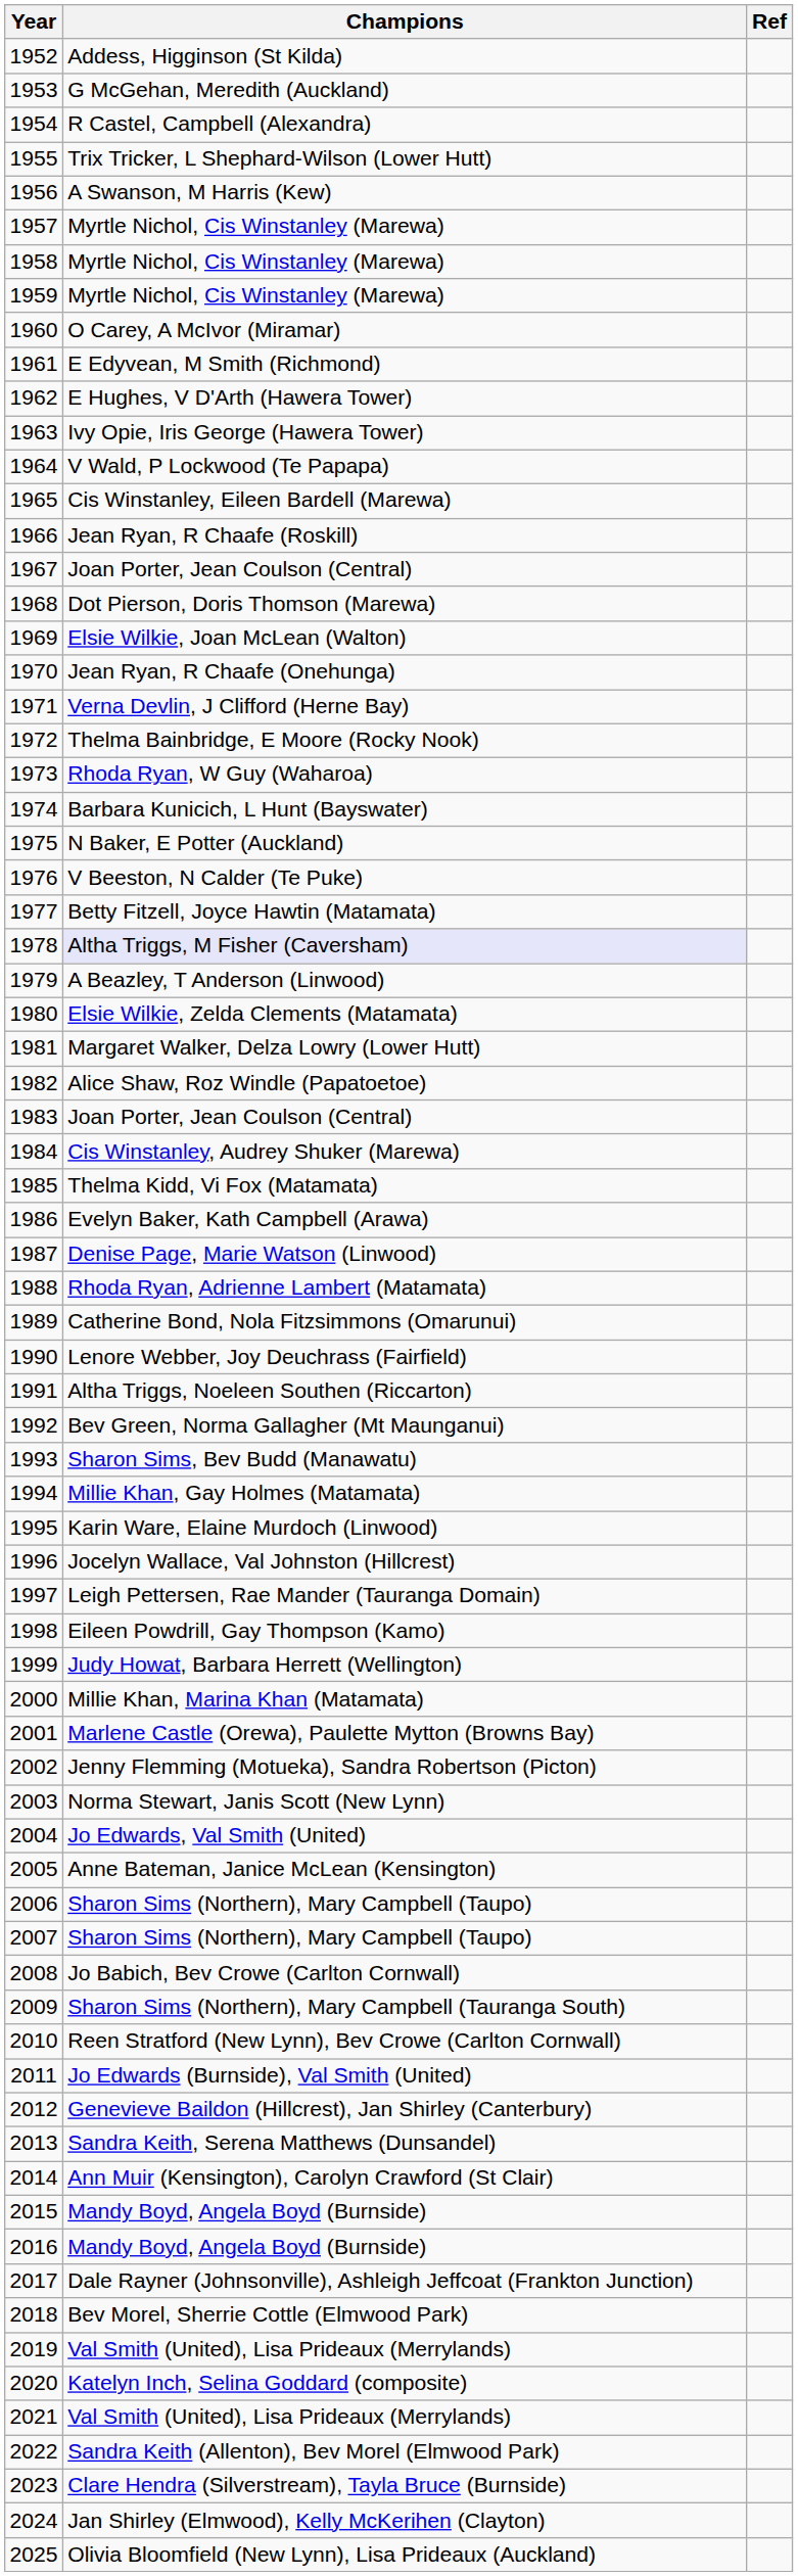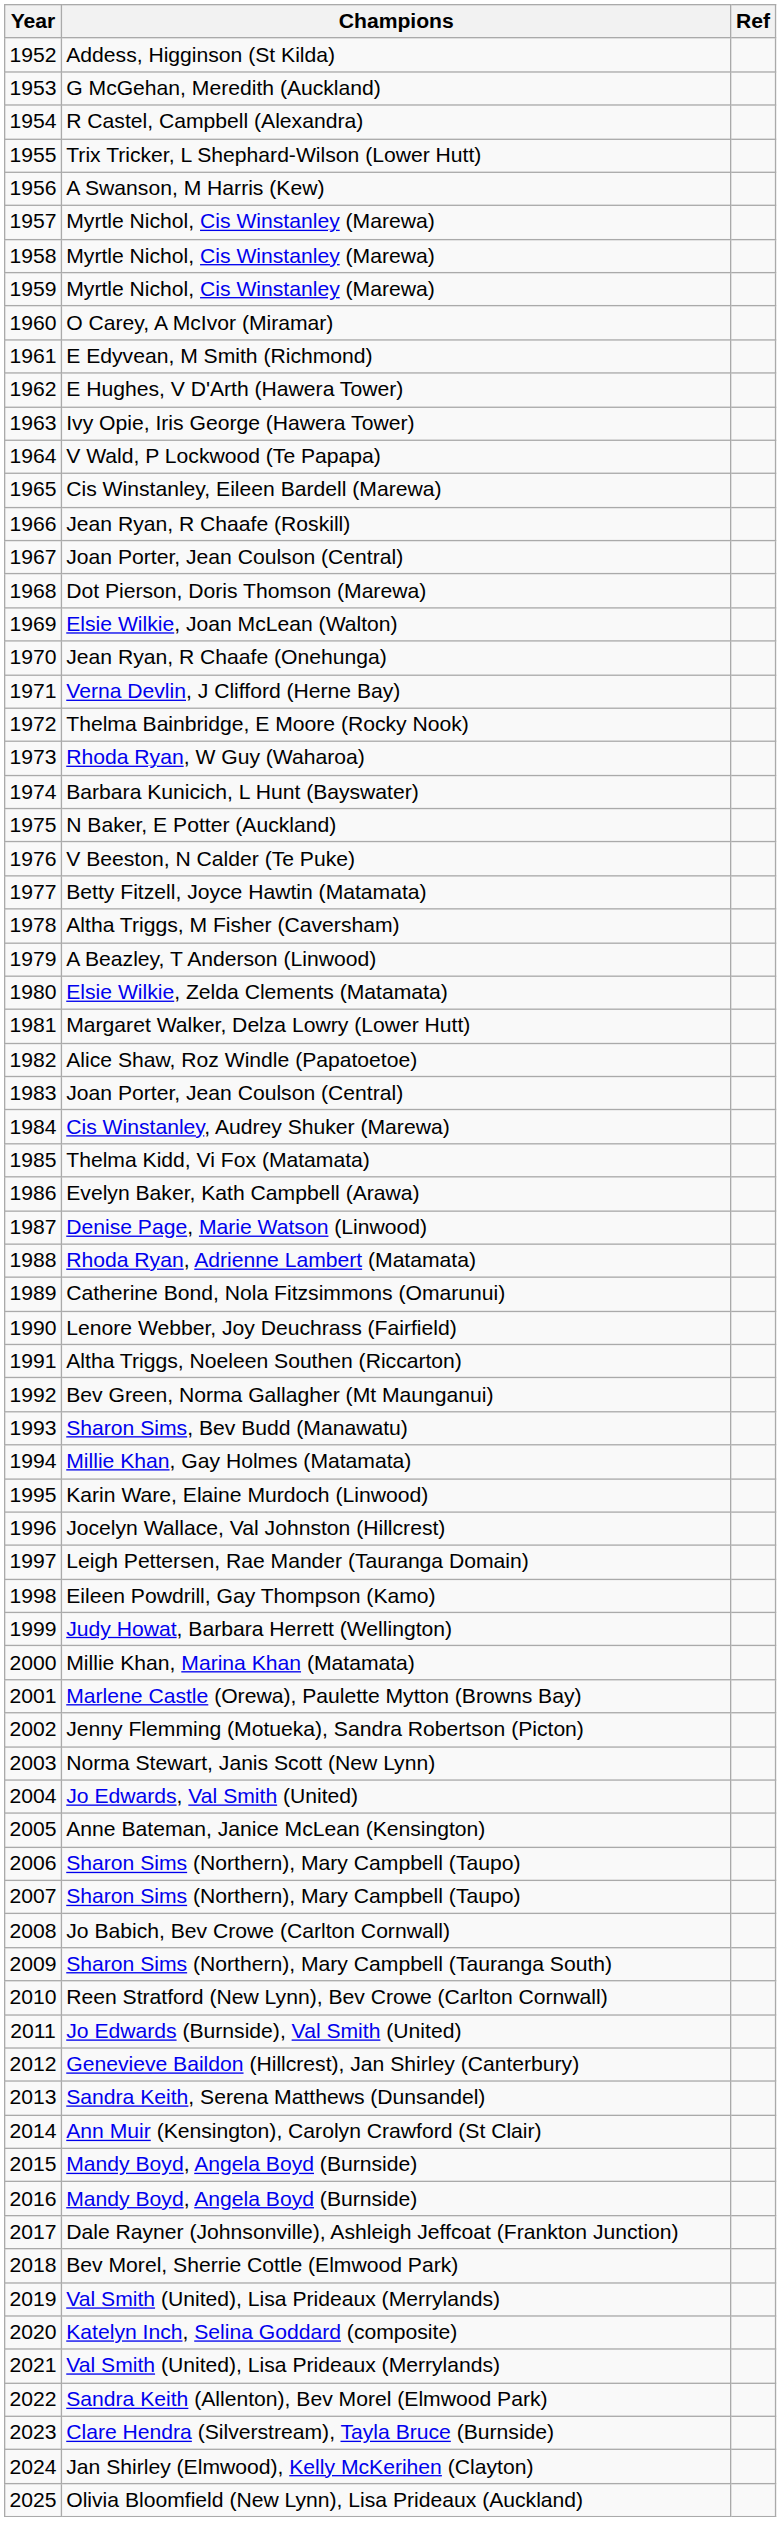 <table class="sortable wikitable">
 <tr>
 <th width="30">Year</th>
 <th width="500">Champions</th>
 <th width="20">Ref</th>
 </tr>
 <tr>
 <td align=center>1952</td>
 <td>Addess, Higginson (St Kilda)</td>
 <td></td>
 </tr>
 <tr>
 <td align=center>1953</td>
 <td>G McGehan, Meredith (Auckland)</td>
 <td></td>
 </tr>
 <tr>
 <td align=center>1954</td>
 <td>R Castel, Campbell (Alexandra)</td>
 <td></td>
 </tr>
 <tr>
 <td align=center>1955</td>
 <td>Trix Tricker, L Shephard-Wilson (Lower Hutt)</td>
 <td></td>
 </tr>
 <tr>
 <td align=center>1956</td>
 <td>A Swanson, M Harris (Kew)</td>
 <td></td>
 </tr>
 <tr>
 <td align=center>1957</td>
 <td>Myrtle Nichol, <a href='#'>Cis Winstanley</a> (Marewa)</td>
 <td></td>
 </tr>
 <tr>
 <td align=center>1958</td>
 <td>Myrtle Nichol, <a href='#'>Cis Winstanley</a> (Marewa)</td>
 <td></td>
 </tr>
 <tr>
 <td align=center>1959</td>
 <td>Myrtle Nichol, <a href='#'>Cis Winstanley</a> (Marewa)</td>
 <td></td>
 </tr>
 <tr>
 <td align=center>1960</td>
 <td>O Carey, A McIvor (Miramar)</td>
 <td></td>
 </tr>
 <tr>
 <td align=center>1961</td>
 <td>E Edyvean, M Smith (Richmond)</td>
 <td></td>
 </tr>
 <tr>
 <td align=center>1962</td>
 <td>E Hughes, V D'Arth (Hawera Tower)</td>
 <td></td>
 </tr>
 <tr>
 <td align=center>1963</td>
 <td>Ivy Opie, Iris George (Hawera Tower)</td>
 <td></td>
 </tr>
 <tr>
 <td align=center>1964</td>
 <td>V Wald, P Lockwood (Te Papapa)</td>
 <td></td>
 </tr>
 <tr>
 <td align=center>1965</td>
 <td>Cis Winstanley, Eileen Bardell (Marewa)</td>
 <td></td>
 </tr>
 <tr>
 <td align=center>1966</td>
 <td>Jean Ryan, R Chaafe (Roskill)</td>
 <td></td>
 </tr>
 <tr>
 <td align=center>1967</td>
 <td>Joan Porter, Jean Coulson (Central)</td>
 <td></td>
 </tr>
 <tr>
 <td align=center>1968</td>
 <td>Dot Pierson, Doris Thomson (Marewa)</td>
 <td></td>
 </tr>
 <tr>
 <td align=center>1969</td>
 <td><a href='#'>Elsie Wilkie</a>, Joan McLean (Walton)</td>
 <td></td>
 </tr>
 <tr>
 <td align=center>1970</td>
 <td>Jean Ryan, R Chaafe (Onehunga)</td>
 <td></td>
 </tr>
 <tr>
 <td align=center>1971</td>
 <td><a href='#'>Verna Devlin</a>, J Clifford (Herne Bay)</td>
 <td></td>
 </tr>
 <tr>
 <td align=center>1972</td>
 <td>Thelma Bainbridge, E Moore (Rocky Nook)</td>
 <td></td>
 </tr>
 <tr>
 <td align=center>1973</td>
 <td><a href='#'>Rhoda Ryan</a>, W Guy (Waharoa)</td>
 <td></td>
 </tr>
 <tr>
 <td align=center>1974</td>
 <td>Barbara Kunicich, L Hunt (Bayswater)</td>
 <td></td>
 </tr>
 <tr>
 <td align=center>1975</td>
 <td>N Baker, E Potter (Auckland)</td>
 <td></td>
 </tr>
 <tr>
 <td align=center>1976</td>
 <td>V Beeston, N Calder (Te Puke)</td>
 <td></td>
 </tr>
 <tr>
 <td align=center>1977</td>
 <td>Betty Fitzell, Joyce Hawtin (Matamata)</td>
 <td></td>
 </tr>
 <tr>
 <td align=center>1978</td>
-<td style="background: lavender;">Altha Triggs, M Fisher (Caversham)</td>
+<td>Altha Triggs, M Fisher (Caversham)</td>
 <td></td>
 </tr>
 <tr>
 <td align=center>1979</td>
 <td>A Beazley, T Anderson (Linwood)</td>
 <td></td>
 </tr>
 <tr>
 <td align=center>1980</td>
 <td><a href='#'>Elsie Wilkie</a>, Zelda Clements (Matamata)</td>
 <td></td>
 </tr>
 <tr>
 <td align=center>1981</td>
 <td>Margaret Walker, Delza Lowry (Lower Hutt)</td>
 <td></td>
 </tr>
 <tr>
 <td align=center>1982</td>
 <td>Alice Shaw, Roz Windle (Papatoetoe)</td>
 <td></td>
 </tr>
 <tr>
 <td align=center>1983</td>
 <td>Joan Porter, Jean Coulson (Central)</td>
 <td></td>
 </tr>
 <tr>
 <td align=center>1984</td>
 <td><a href='#'>Cis Winstanley</a>, Audrey Shuker (Marewa)</td>
 <td></td>
 </tr>
 <tr>
 <td align=center>1985</td>
 <td>Thelma Kidd, Vi Fox (Matamata)</td>
 <td></td>
 </tr>
 <tr>
 <td align=center>1986</td>
 <td>Evelyn Baker, Kath Campbell (Arawa)</td>
 <td></td>
 </tr>
 <tr>
 <td align=center>1987</td>
 <td><a href='#'>Denise Page</a>, <a href='#'>Marie Watson</a> (Linwood)</td>
 <td></td>
 </tr>
 <tr>
 <td align=center>1988</td>
 <td><a href='#'>Rhoda Ryan</a>, <a href='#'>Adrienne Lambert</a> (Matamata)</td>
 <td></td>
 </tr>
 <tr>
 <td align=center>1989</td>
 <td>Catherine Bond, Nola Fitzsimmons (Omarunui)</td>
 <td></td>
 </tr>
 <tr>
 <td align=center>1990</td>
 <td>Lenore Webber, Joy Deuchrass (Fairfield)</td>
 <td></td>
 </tr>
 <tr>
 <td align=center>1991</td>
 <td>Altha Triggs, Noeleen Southen (Riccarton)</td>
 <td></td>
 </tr>
 <tr>
 <td align=center>1992</td>
 <td>Bev Green, Norma Gallagher (Mt Maunganui)</td>
 <td></td>
 </tr>
 <tr>
 <td align=center>1993</td>
 <td><a href='#'>Sharon Sims</a>, Bev Budd (Manawatu)</td>
 <td></td>
 </tr>
 <tr>
 <td align=center>1994</td>
 <td><a href='#'>Millie Khan</a>, Gay Holmes (Matamata)</td>
 <td></td>
 </tr>
 <tr>
 <td align=center>1995</td>
 <td>Karin Ware, Elaine Murdoch (Linwood)</td>
 <td></td>
 </tr>
 <tr>
 <td align=center>1996</td>
 <td>Jocelyn Wallace, Val Johnston (Hillcrest)</td>
 <td></td>
 </tr>
 <tr>
 <td align=center>1997</td>
 <td>Leigh Pettersen, Rae Mander (Tauranga Domain)</td>
 <td></td>
 </tr>
 <tr>
 <td align=center>1998</td>
 <td>Eileen Powdrill, Gay Thompson (Kamo)</td>
 <td></td>
 </tr>
 <tr>
 <td align=center>1999</td>
 <td><a href='#'>Judy Howat</a>, Barbara Herrett (Wellington)</td>
 <td></td>
 </tr>
 <tr>
 <td align=center>2000</td>
 <td>Millie Khan, <a href='#'>Marina Khan</a> (Matamata)</td>
 <td></td>
 </tr>
 <tr>
 <td align=center>2001</td>
 <td><a href='#'>Marlene Castle</a> (Orewa), Paulette Mytton (Browns Bay)</td>
 <td></td>
 </tr>
 <tr>
 <td align=center>2002</td>
 <td>Jenny Flemming (Motueka), Sandra Robertson (Picton)</td>
 <td></td>
 </tr>
 <tr>
 <td align=center>2003</td>
 <td>Norma Stewart, Janis Scott (New Lynn)</td>
 <td></td>
 </tr>
 <tr>
 <td align=center>2004</td>
 <td><a href='#'>Jo Edwards</a>, <a href='#'>Val Smith</a> (United)</td>
 <td></td>
 </tr>
 <tr>
 <td align=center>2005</td>
 <td>Anne Bateman, Janice McLean (Kensington)</td>
 <td></td>
 </tr>
 <tr>
 <td align=center>2006</td>
 <td><a href='#'>Sharon Sims</a> (Northern), Mary Campbell (Taupo)</td>
 <td></td>
 </tr>
 <tr>
 <td align=center>2007</td>
 <td><a href='#'>Sharon Sims</a> (Northern), Mary Campbell (Taupo)</td>
 <td></td>
 </tr>
 <tr>
 <td align=center>2008</td>
 <td>Jo Babich, Bev Crowe (Carlton Cornwall)</td>
 <td></td>
 </tr>
 <tr>
 <td align=center>2009</td>
 <td><a href='#'>Sharon Sims</a> (Northern), Mary Campbell (Tauranga South)</td>
 <td></td>
 </tr>
 <tr>
 <td align=center>2010</td>
 <td>Reen Stratford (New Lynn), Bev Crowe (Carlton Cornwall)</td>
 <td></td>
 </tr>
 <tr>
 <td align=center>2011</td>
 <td><a href='#'>Jo Edwards</a> (Burnside), <a href='#'>Val Smith</a> (United)</td>
 <td></td>
 </tr>
 <tr>
 <td align=center>2012</td>
 <td><a href='#'>Genevieve Baildon</a> (Hillcrest), Jan Shirley (Canterbury)</td>
 <td></td>
 </tr>
 <tr>
 <td align=center>2013</td>
 <td><a href='#'>Sandra Keith</a>, Serena Matthews (Dunsandel)</td>
 <td></td>
 </tr>
 <tr>
 <td align=center>2014</td>
 <td><a href='#'>Ann Muir</a> (Kensington), Carolyn Crawford (St Clair)</td>
 <td></td>
 </tr>
 <tr>
 <td align=center>2015</td>
 <td><a href='#'>Mandy Boyd</a>, <a href='#'>Angela Boyd</a> (Burnside)</td>
 <td></td>
 </tr>
 <tr>
 <td align=center>2016</td>
 <td><a href='#'>Mandy Boyd</a>, <a href='#'>Angela Boyd</a> (Burnside)</td>
 <td></td>
 </tr>
 <tr>
 <td align=center>2017</td>
 <td>Dale Rayner (Johnsonville), Ashleigh Jeffcoat (Frankton Junction)</td>
 <td></td>
 </tr>
 <tr>
 <td align=center>2018</td>
 <td>Bev Morel, Sherrie Cottle (Elmwood Park)</td>
 <td></td>
 </tr>
 <tr>
 <td align=center>2019</td>
 <td><a href='#'>Val Smith</a> (United), Lisa Prideaux (Merrylands)</td>
 <td></td>
 </tr>
 <tr>
 <td align=center>2020</td>
 <td><a href='#'>Katelyn Inch</a>, <a href='#'>Selina Goddard</a> (composite)</td>
 <td></td>
 </tr>
 <tr>
 <td align=center>2021</td>
 <td><a href='#'>Val Smith</a> (United), Lisa Prideaux (Merrylands)</td>
 <td></td>
 </tr>
 <tr>
 <td align=center>2022</td>
 <td><a href='#'>Sandra Keith</a> (Allenton), Bev Morel (Elmwood Park)</td>
 <td></td>
 </tr>
 <tr>
 <td align=center>2023</td>
 <td><a href='#'>Clare Hendra</a> (Silverstream), <a href='#'>Tayla Bruce</a> (Burnside)</td>
 <td></td>
 </tr>
 <tr>
 <td align=center>2024</td>
 <td>Jan Shirley (Elmwood), <a href='#'>Kelly McKerihen</a> (Clayton)</td>
 <td></td>
 </tr>
 <tr>
 <td align=center>2025</td>
 <td>Olivia Bloomfield (New Lynn), Lisa Prideaux (Auckland)</td>
 <td></td>
 </tr>
 </table>
